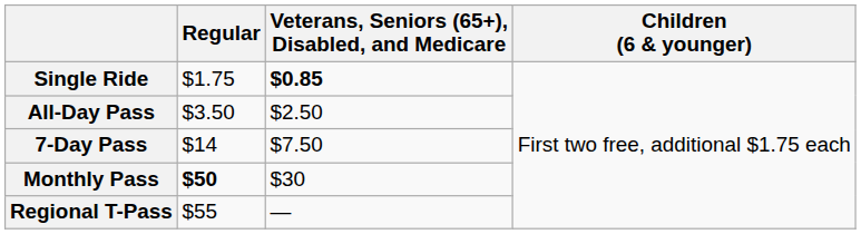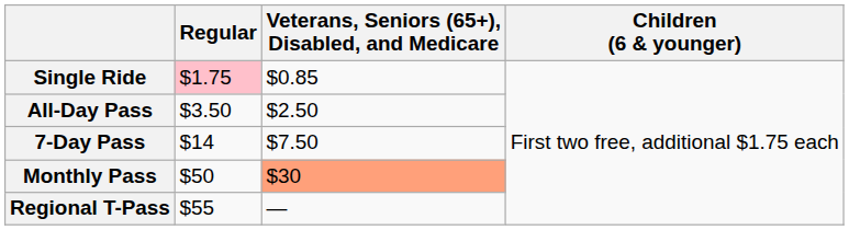 <table class="wikitable">
 <tr>
 <th></th>
 <th>Regular</th>
 <th>Veterans, Seniors (65+),<br>Disabled, and Medicare</th>
 <th>Children<br>(6 & younger)</th>
 </tr>
 <tr>
 <th>Single Ride</th>
-<td>$1.75</td>
-<td><strong>$0.85</strong></td>
+<td style="background: pink;">$1.75</td>
+<td>$0.85</td>
 <td rowspan="5">First two free, additional $1.75 each</td>
 </tr>
 <tr>
 <th>All-Day Pass</th>
 <td>$3.50</td>
 <td>$2.50</td>
 </tr>
 <tr>
 <th>7-Day Pass</th>
 <td>$14</td>
 <td>$7.50</td>
 </tr>
 <tr>
 <th>Monthly Pass</th>
-<td><strong>$50</strong></td>
-<td>$30</td>
+<td>$50</td>
+<td style="background: lightsalmon;">$30</td>
 </tr>
 <tr>
 <th>Regional T-Pass</th>
 <td>$55</td>
 <td>—</td>
 </tr>
 </table>
